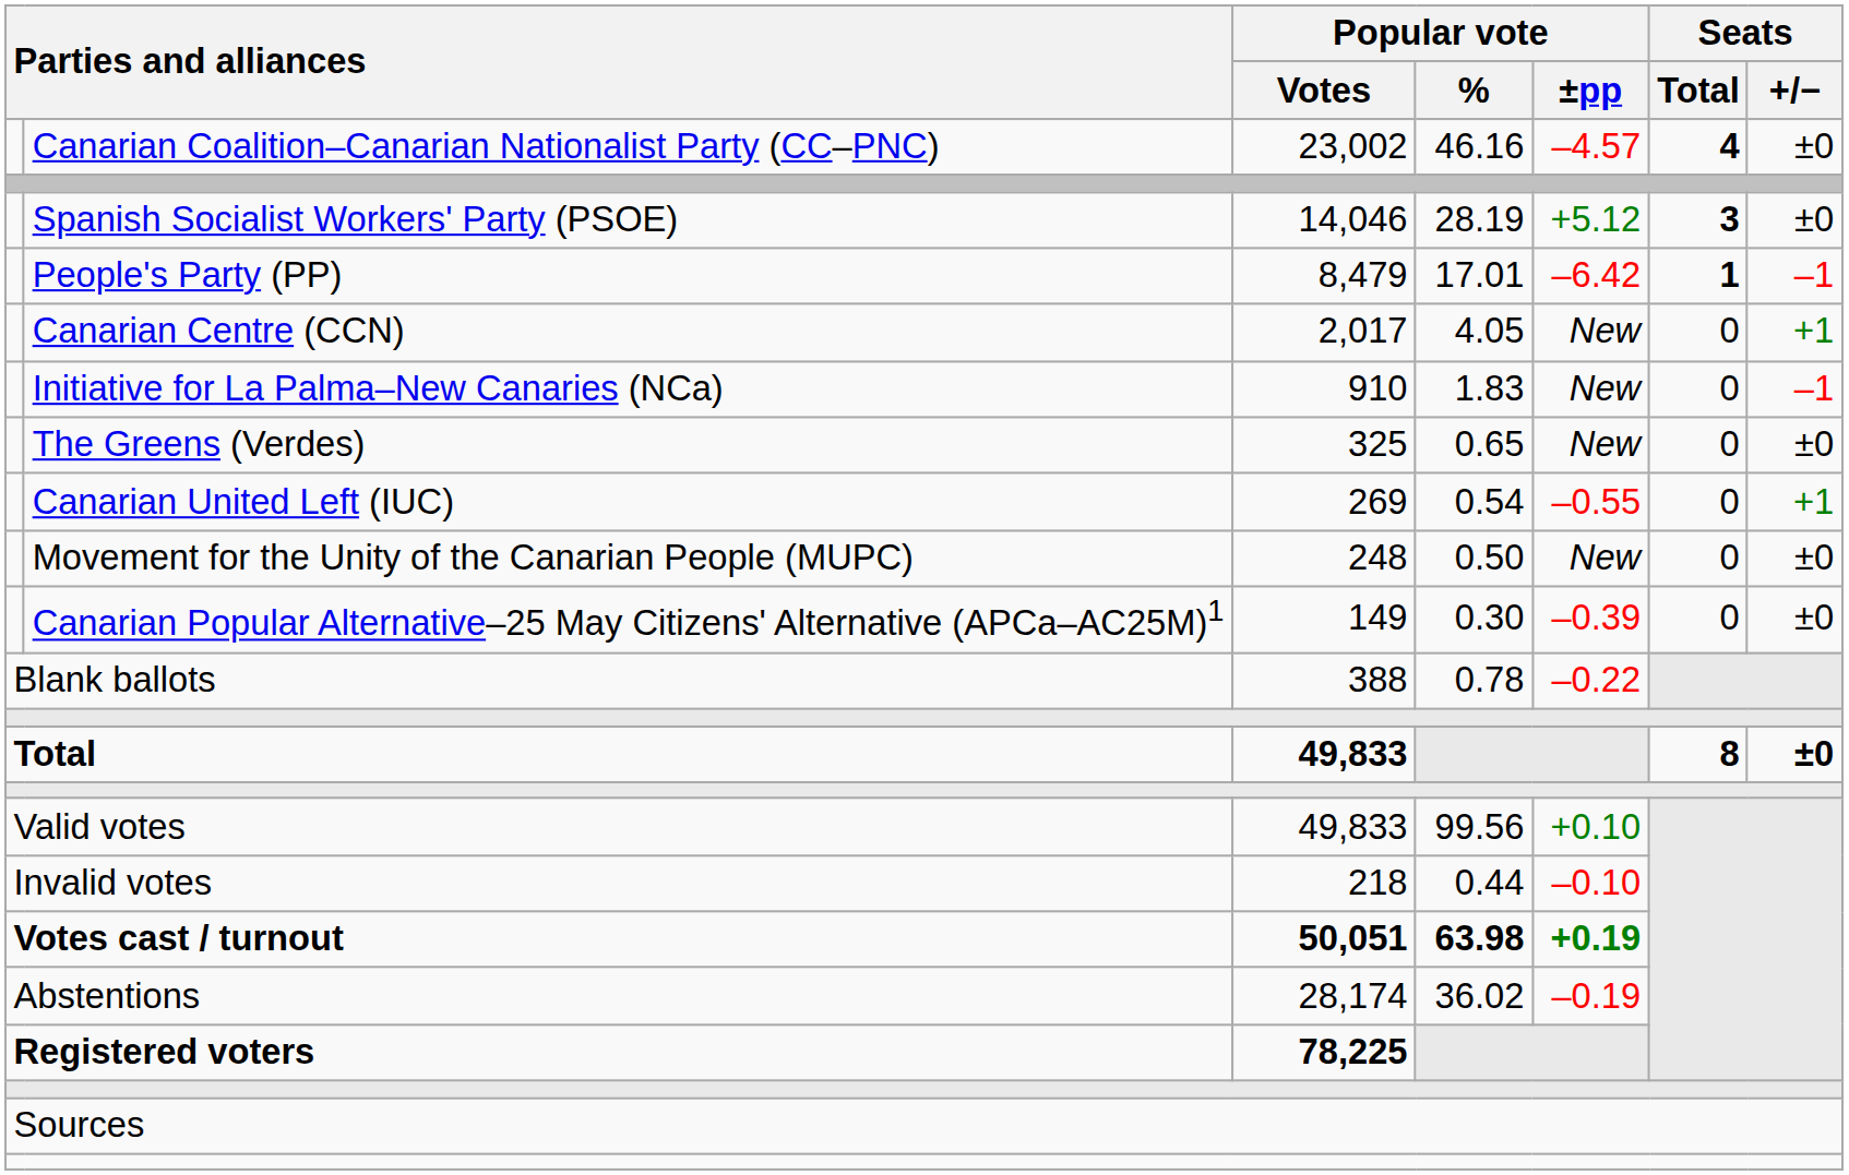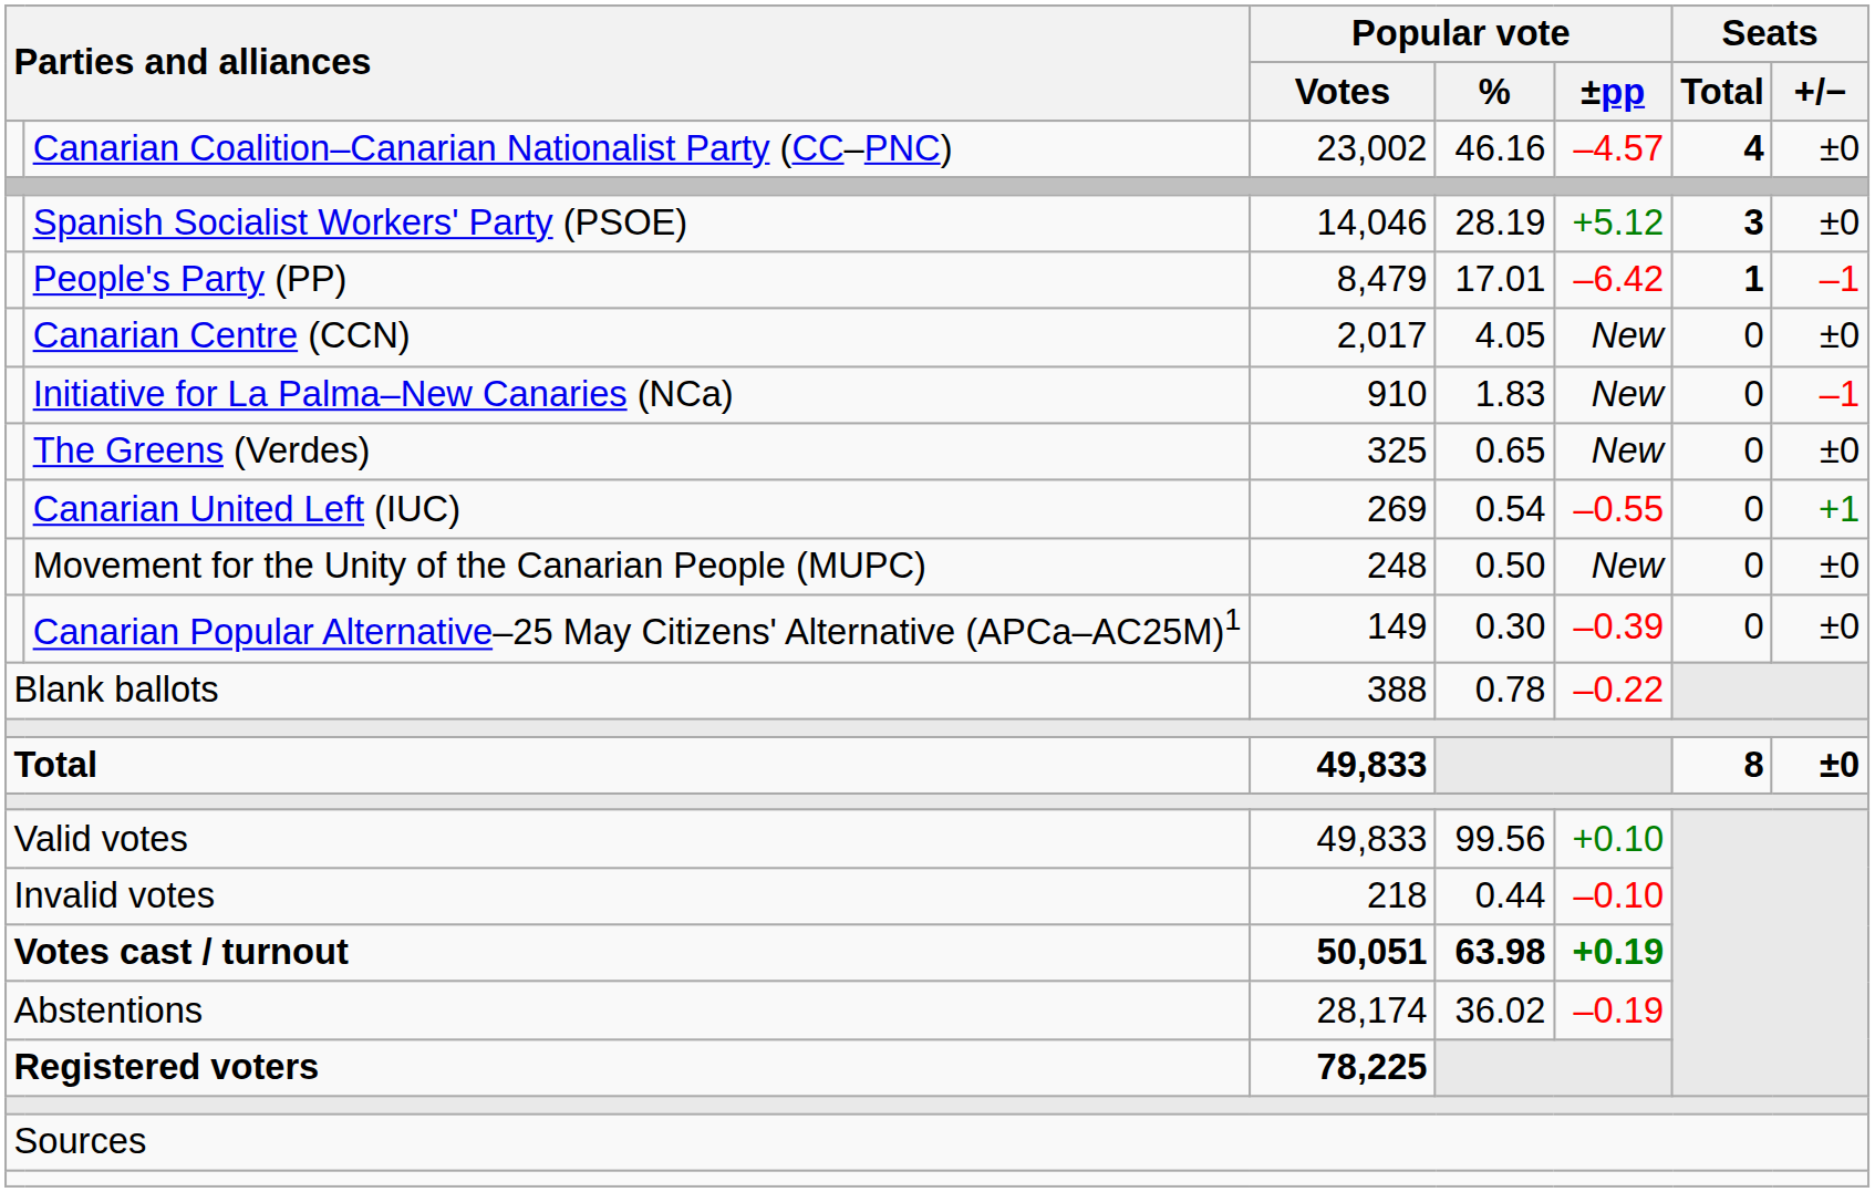 <table class="wikitable" style="text-align:right;">
 <tr>
 <th style="text-align:left;" rowspan="2" colspan="2" width="525">Parties and alliances</th>
 <th colspan="3">Popular vote</th>
 <th colspan="2">Seats</th>
 </tr>
 <tr>
 <th width="75">Votes</th>
 <th width="45">%</th>
 <th width="45">±<a href='#'>pp</a></th>
 <th width="35">Total</th>
 <th width="35">+/−</th>
 </tr>
 <tr>
 <td width="1" style="color:inherit;background:"></td>
 <td align="left"><a href='#'>Canarian Coalition–Canarian Nationalist Party</a> (<a href='#'>CC</a>–<a href='#'>PNC</a>)</td>
 <td>23,002</td>
 <td>46.16</td>
 <td style="color:red;">–4.57</td>
 <td><strong>4</strong></td>
 <td>±0</td>
 </tr>
 <tr>
 <td colspan="7" bgcolor="#C0C0C0"></td>
 </tr>
 <tr>
 <td style="color:inherit;background:"></td>
 <td align="left"><a href='#'>Spanish Socialist Workers' Party</a> (PSOE)</td>
 <td>14,046</td>
 <td>28.19</td>
 <td style="color:green;">+5.12</td>
 <td><strong>3</strong></td>
 <td>±0</td>
 </tr>
 <tr>
 <td style="color:inherit;background:"></td>
 <td align="left"><a href='#'>People's Party</a> (PP)</td>
 <td>8,479</td>
 <td>17.01</td>
 <td style="color:red;">–6.42</td>
 <td><strong>1</strong></td>
 <td style="color:red;">–1</td>
 </tr>
 <tr>
 <td style="color:inherit;background:"></td>
 <td align="left"><a href='#'>Canarian Centre</a> (CCN)</td>
 <td>2,017</td>
 <td>4.05</td>
 <td><em>New</em></td>
 <td>0</td>
-<td style="color:green;">+1</td>
+<td>±0</td>
 </tr>
 <tr>
 <td style="color:inherit;background:"></td>
 <td align="left"><a href='#'>Initiative for La Palma–New Canaries</a> (NCa)</td>
 <td>910</td>
 <td>1.83</td>
 <td><em>New</em></td>
 <td>0</td>
 <td style="color:red;">–1</td>
 </tr>
 <tr>
 <td style="color:inherit;background:"></td>
 <td align="left"><a href='#'>The Greens</a> (Verdes)</td>
 <td>325</td>
 <td>0.65</td>
 <td><em>New</em></td>
 <td>0</td>
 <td>±0</td>
 </tr>
 <tr>
 <td style="color:inherit;background:"></td>
 <td align="left"><a href='#'>Canarian United Left</a> (IUC)</td>
 <td>269</td>
 <td>0.54</td>
 <td style="color:red;">–0.55</td>
 <td>0</td>
 <td style="color:green;">+1</td>
 </tr>
 <tr>
 <td style="color:inherit;background:"></td>
 <td align="left">Movement for the Unity of the Canarian People (MUPC)</td>
 <td>248</td>
 <td>0.50</td>
 <td><em>New</em></td>
 <td>0</td>
 <td>±0</td>
 </tr>
 <tr>
 <td style="color:inherit;background:"></td>
 <td align="left"><a href='#'>Canarian Popular Alternative</a>–25 May Citizens' Alternative (APCa–AC25M)<sup>1</sup></td>
 <td>149</td>
 <td>0.30</td>
 <td style="color:red;">–0.39</td>
 <td>0</td>
 <td>±0</td>
 </tr>
 <tr>
 <td align="left" colspan="2">Blank ballots</td>
 <td>388</td>
 <td>0.78</td>
 <td style="color:red;">–0.22</td>
 <td bgcolor="#E9E9E9" colspan="2"></td>
 </tr>
 <tr>
 <td colspan="7" bgcolor="#E9E9E9"></td>
 </tr>
 <tr style="font-weight:bold;">
 <td align="left" colspan="2">Total</td>
 <td>49,833</td>
 <td bgcolor="#E9E9E9" colspan="2"></td>
 <td>8</td>
 <td>±0</td>
 </tr>
 <tr>
 <td colspan="7" bgcolor="#E9E9E9"></td>
 </tr>
 <tr>
 <td align="left" colspan="2">Valid votes</td>
 <td>49,833</td>
 <td>99.56</td>
 <td style="color:green;">+0.10</td>
 <td bgcolor="#E9E9E9" colspan="2" rowspan="5"></td>
 </tr>
 <tr>
 <td align="left" colspan="2">Invalid votes</td>
 <td>218</td>
 <td>0.44</td>
 <td style="color:red;">–0.10</td>
 </tr>
 <tr style="font-weight:bold;">
 <td align="left" colspan="2">Votes cast / turnout</td>
 <td>50,051</td>
 <td>63.98</td>
 <td style="color:green;">+0.19</td>
 </tr>
 <tr>
 <td align="left" colspan="2">Abstentions</td>
 <td>28,174</td>
 <td>36.02</td>
 <td style="color:red;">–0.19</td>
 </tr>
 <tr style="font-weight:bold;">
 <td align="left" colspan="2">Registered voters</td>
 <td>78,225</td>
 <td bgcolor="#E9E9E9" colspan="2"></td>
 </tr>
 <tr>
 <td colspan="7" bgcolor="#E9E9E9"></td>
 </tr>
 <tr>
 <td align="left" colspan="7">Sources</td>
 </tr>
 <tr>
 <td colspan="7" style="text-align:left; max-width:790px;"></td>
 </tr>
 </table>
